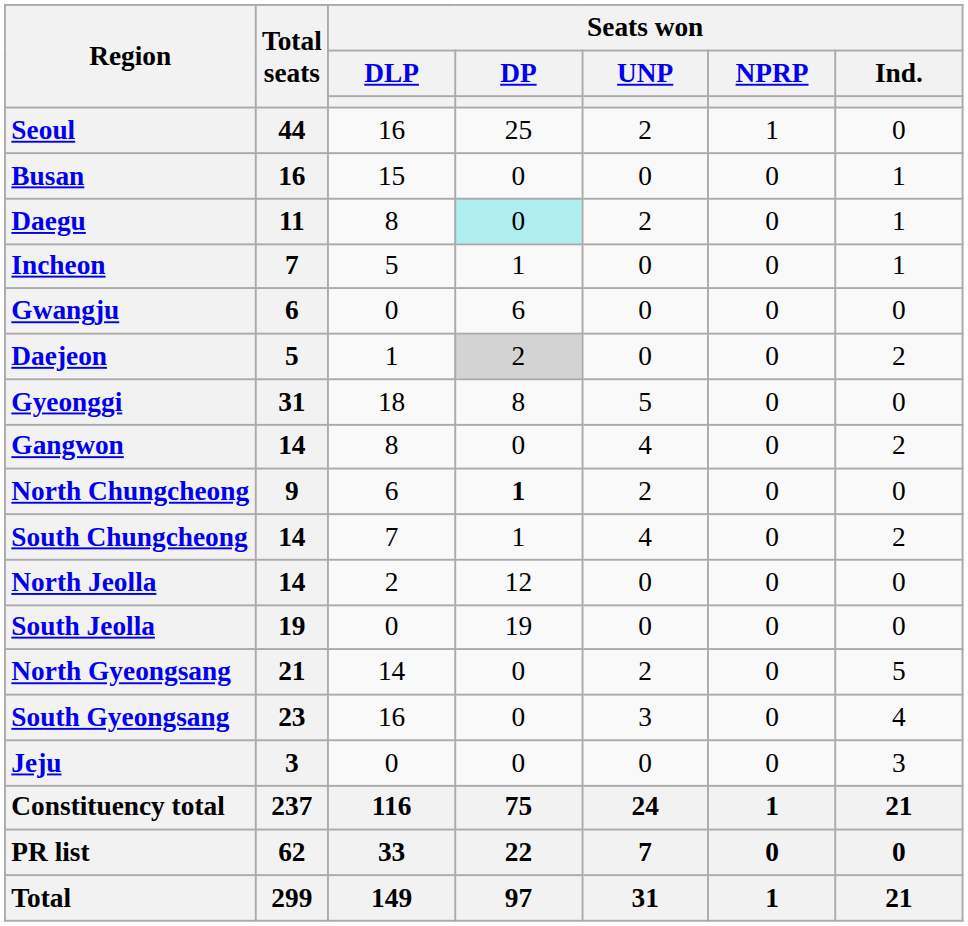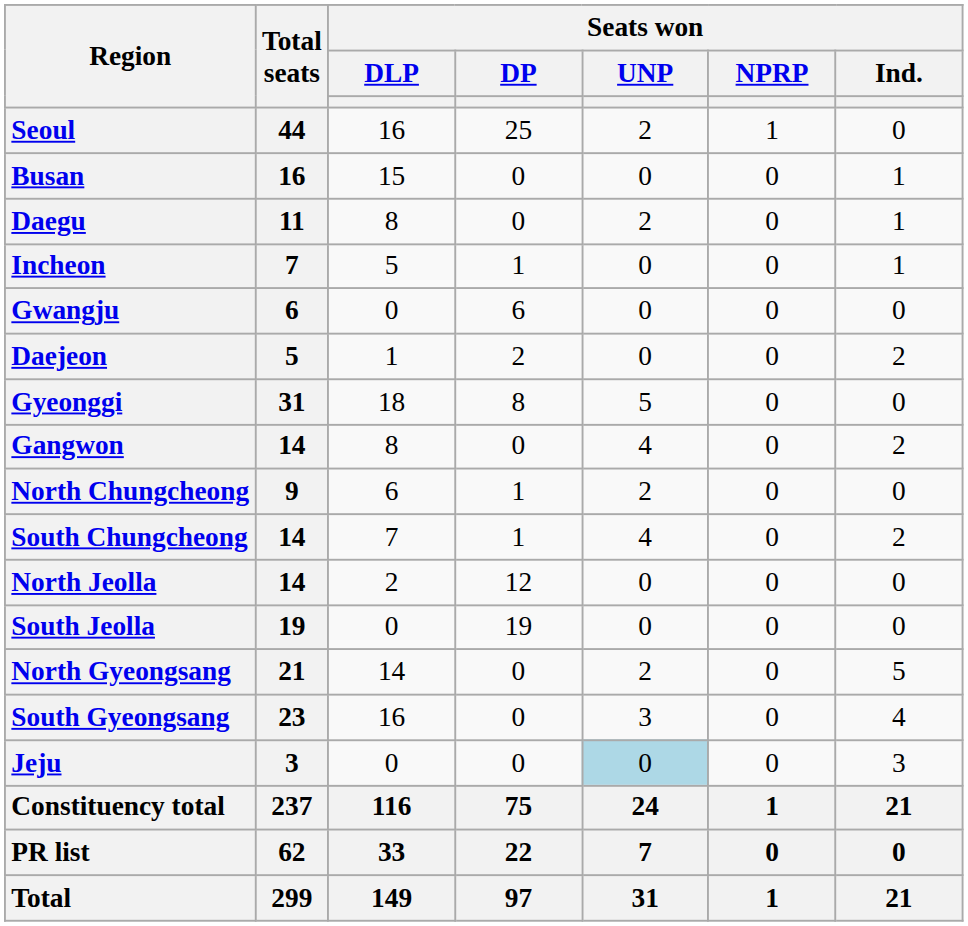 <table class="wikitable" style="text-align:center; font-size: 0.9em">
 <tr>
 <th rowspan="3">Region</th>
 <th rowspan="3">Total<br>seats</th>
 <th colspan="5">Seats won</th>
 </tr>
 <tr>
 <th class="unsortable" style="width:60px"><a href='#'>DLP</a></th>
 <th class="unsortable" style="width:60px"><a href='#'>DP</a></th>
 <th class="unsortable" style="width:60px"><a href='#'>UNP</a></th>
 <th class="unsortable" style="width:60px"><a href='#'>NPRP</a></th>
 <th class="unsortable" style="width:60px">Ind.</th>
 </tr>
 <tr>
 <th style="background:"></th>
 <th style="background:"></th>
 <th style="background:"></th>
 <th style="background:"></th>
 <th style="background:"></th>
 </tr>
 <tr>
 <th style="text-align: left"><a href='#'>Seoul</a></th>
 <th>44</th>
 <td>16</td>
 <td>25</td>
 <td>2</td>
 <td>1</td>
 <td>0</td>
 </tr>
 <tr>
 <th style="text-align: left"><a href='#'>Busan</a></th>
 <th>16</th>
 <td>15</td>
 <td>0</td>
 <td>0</td>
 <td>0</td>
 <td>1</td>
 </tr>
 <tr>
 <th style="text-align: left"><a href='#'>Daegu</a></th>
 <th>11</th>
 <td>8</td>
-<td style="background: paleturquoise;">0</td>
+<td>0</td>
 <td>2</td>
 <td>0</td>
 <td>1</td>
 </tr>
 <tr>
 <th style="text-align: left"><a href='#'>Incheon</a></th>
 <th>7</th>
 <td>5</td>
 <td>1</td>
 <td>0</td>
 <td>0</td>
 <td>1</td>
 </tr>
 <tr>
 <th style="text-align: left"><a href='#'>Gwangju</a></th>
 <th>6</th>
 <td>0</td>
 <td>6</td>
 <td>0</td>
 <td>0</td>
 <td>0</td>
 </tr>
 <tr>
 <th style="text-align: left"><a href='#'>Daejeon</a></th>
 <th>5</th>
 <td>1</td>
-<td style="background: lightgrey;">2</td>
+<td>2</td>
 <td>0</td>
 <td>0</td>
 <td>2</td>
 </tr>
 <tr>
 <th style="text-align: left"><a href='#'>Gyeonggi</a></th>
 <th>31</th>
 <td>18</td>
 <td>8</td>
 <td>5</td>
 <td>0</td>
 <td>0</td>
 </tr>
 <tr>
 <th style="text-align: left"><a href='#'>Gangwon</a></th>
 <th>14</th>
 <td>8</td>
 <td>0</td>
 <td>4</td>
 <td>0</td>
 <td>2</td>
 </tr>
 <tr>
 <th style="text-align: left"><a href='#'>North Chungcheong</a></th>
 <th>9</th>
 <td>6</td>
-<td><strong>1</strong></td>
+<td>1</td>
 <td>2</td>
 <td>0</td>
 <td>0</td>
 </tr>
 <tr>
 <th style="text-align: left"><a href='#'>South Chungcheong</a></th>
 <th>14</th>
 <td>7</td>
 <td>1</td>
 <td>4</td>
 <td>0</td>
 <td>2</td>
 </tr>
 <tr>
 <th style="text-align: left"><a href='#'>North Jeolla</a></th>
 <th>14</th>
 <td>2</td>
 <td>12</td>
 <td>0</td>
 <td>0</td>
 <td>0</td>
 </tr>
 <tr>
 <th style="text-align: left"><a href='#'>South Jeolla</a></th>
 <th>19</th>
 <td>0</td>
 <td>19</td>
 <td>0</td>
 <td>0</td>
 <td>0</td>
 </tr>
 <tr>
 <th style="text-align: left"><a href='#'>North Gyeongsang</a></th>
 <th>21</th>
 <td>14</td>
 <td>0</td>
 <td>2</td>
 <td>0</td>
 <td>5</td>
 </tr>
 <tr>
 <th style="text-align: left"><a href='#'>South Gyeongsang</a></th>
 <th>23</th>
 <td>16</td>
 <td>0</td>
 <td>3</td>
 <td>0</td>
 <td>4</td>
 </tr>
 <tr>
 <th style="text-align: left"><a href='#'>Jeju</a></th>
 <th>3</th>
 <td>0</td>
 <td>0</td>
-<td>0</td>
+<td style="background: lightblue;">0</td>
 <td>0</td>
 <td>3</td>
 </tr>
 <tr class="sortbottom">
 <th style="text-align: left">Constituency total</th>
 <th>237</th>
 <th>116</th>
 <th>75</th>
 <th>24</th>
 <th>1</th>
 <th>21</th>
 </tr>
 <tr>
 <th style="text-align: left">PR list</th>
 <th>62</th>
 <th>33</th>
 <th>22</th>
 <th>7</th>
 <th>0</th>
 <th>0</th>
 </tr>
 <tr>
 <th style="text-align: left">Total</th>
 <th>299</th>
 <th>149</th>
 <th>97</th>
 <th>31</th>
 <th>1</th>
 <th>21</th>
 </tr>
 </table>
